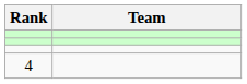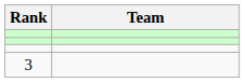 <table class=wikitable style="text-align:center;">
 <tr>
 <th width=40>Rank</th>
 <th width=180>Team</th>
 </tr>
 <tr bgcolor=#ccffcc>
 <td></td>
 <td align=left></td>
 </tr>
 <tr bgcolor=#ccffcc>
 <td></td>
 <td align=left></td>
 </tr>
 <tr>
 <td></td>
 <td align=left></td>
 </tr>
 <tr>
-<td>4</td>
+<td>3</td>
 <td align=left></td>
 </tr>
 </table>
